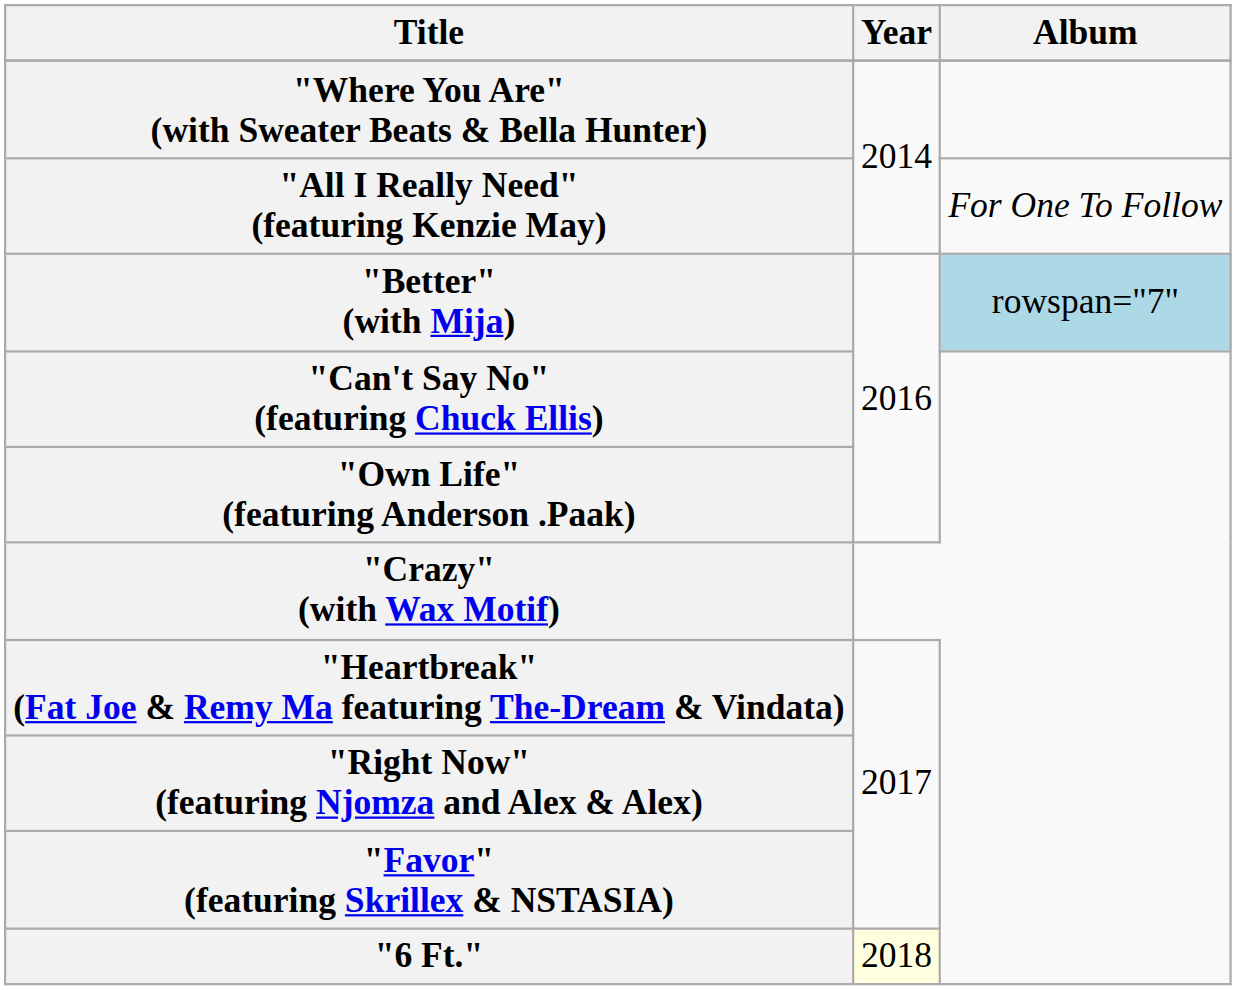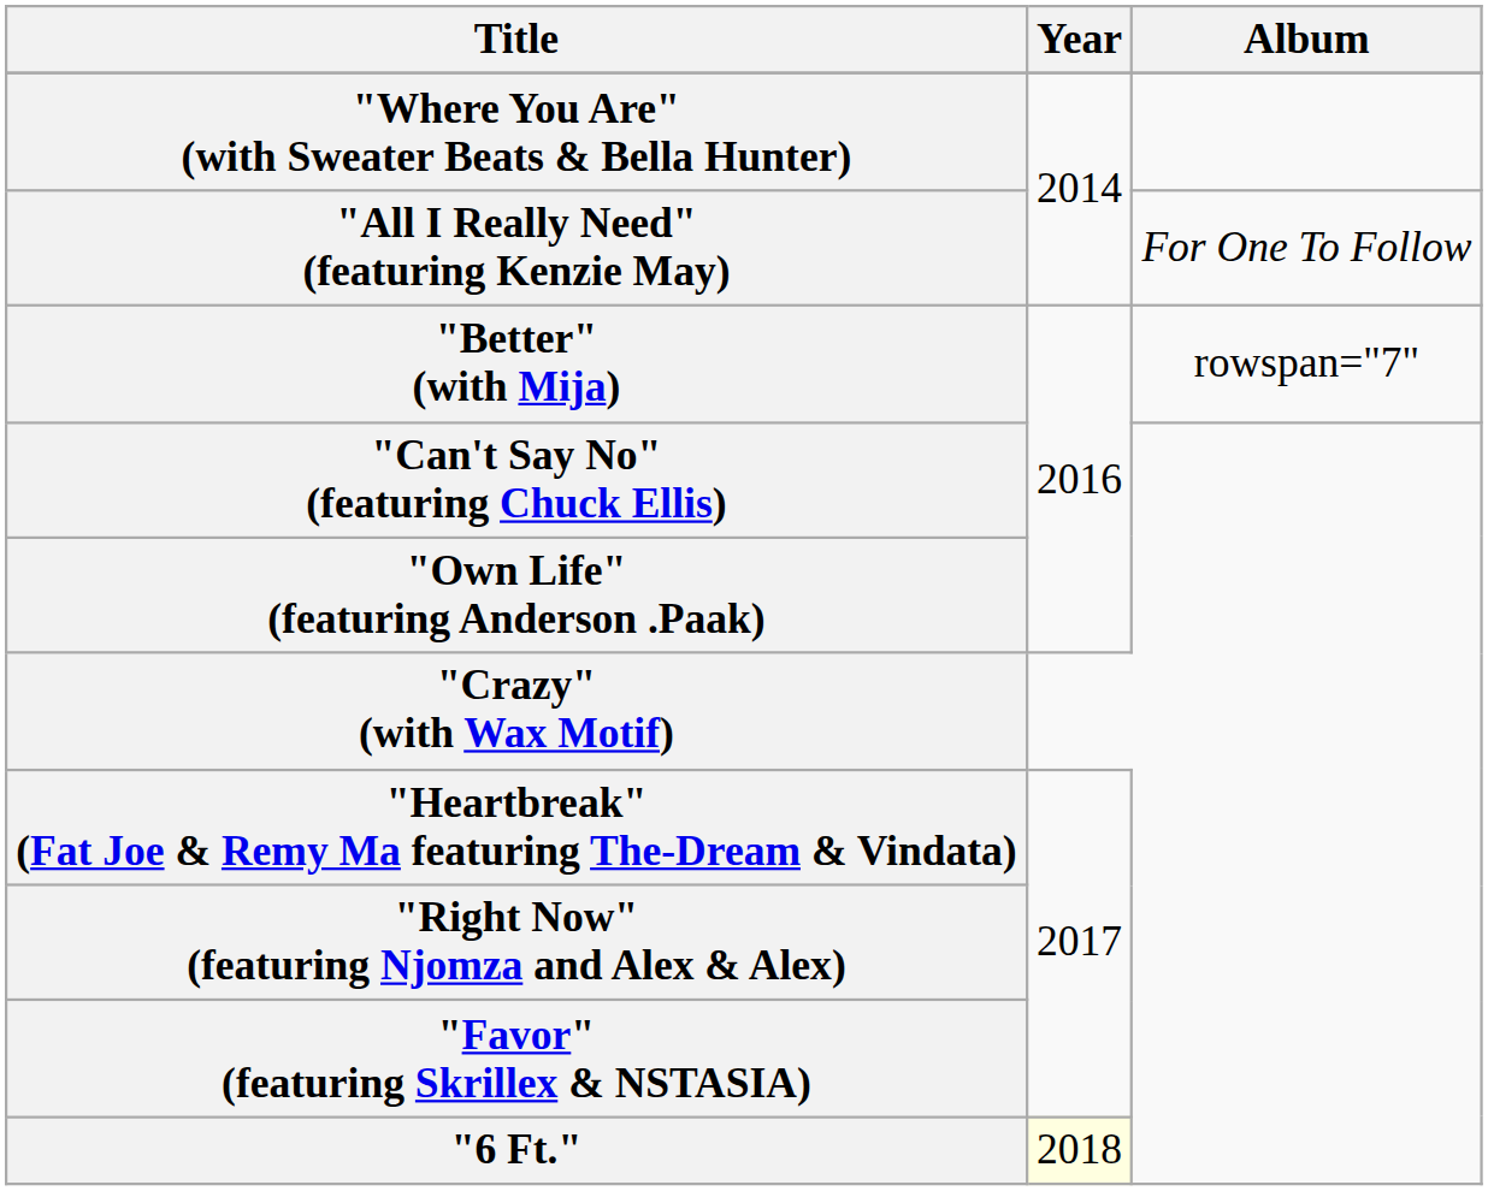 <table class="wikitable plainrowheaders" style="text-align:center;">
 <tr>
 <th>Title</th>
 <th>Year</th>
 <th>Album</th>
 </tr>
 <tr>
 </tr>
 <tr>
 <th scope="row">"Where You Are"<br><span>(with Sweater Beats & Bella Hunter)</span></th>
 <td rowspan="2">2014</td>
 <td></td>
 </tr>
 <tr>
 <th scope="row">"All I Really Need"<br><span>(featuring Kenzie May)</span></th>
 <td><em>For One To Follow</em></td>
 </tr>
 <tr>
 <th scope="row">"Better"<br><span>(with <a href='#'>Mija</a>)</span></th>
 <td rowspan="3">2016</td>
-<td style="background: lightblue;">rowspan="7" </td>
+<td>rowspan="7" </td>
 </tr>
 <tr>
 <th scope="row">"Can't Say No"<br><span>(featuring <a href='#'>Chuck Ellis</a>)</span></th>
 </tr>
 <tr>
 <th scope="row">"Own Life"<br><span>(featuring Anderson .Paak)</span></th>
 </tr>
 <tr>
 <th scope="row">"Crazy"<br><span>(with <a href='#'>Wax Motif</a>)</span></th>
 </tr>
 <tr>
 <th scope="row">"Heartbreak"<br><span>(<a href='#'>Fat Joe</a> & <a href='#'>Remy Ma</a> featuring <a href='#'>The-Dream</a> & Vindata)</span></th>
 <td rowspan="3">2017</td>
 </tr>
 <tr>
 <th scope="row">"Right Now"<br><span>(featuring <a href='#'>Njomza</a> and Alex & Alex)</span></th>
 </tr>
 <tr>
 <th scope="row">"<a href='#'>Favor</a>"<br><span>(featuring <a href='#'>Skrillex</a> & NSTASIA)</span></th>
 </tr>
 <tr>
 <th scope="row">"6 Ft."</th>
 <td style="background: lightyellow;">2018</td>
 </tr>
 </table>
